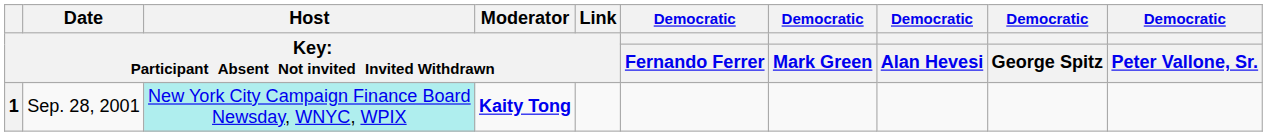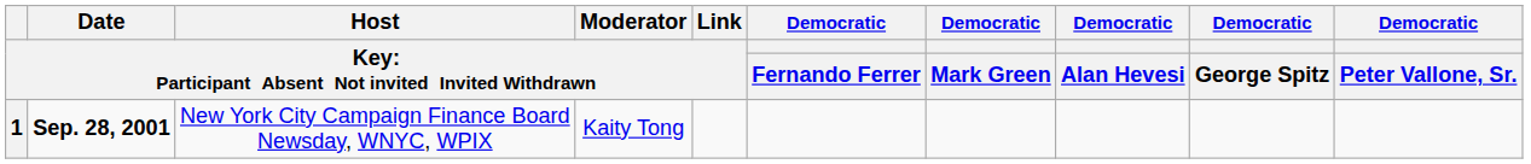 <table class="wikitable" style="text-align:center;">
 <tr>
 <th scope="col"></th>
 <th scope="col">Date</th>
 <th scope="col">Host</th>
 <th scope="col">Moderator</th>
 <th scope="col">Link</th>
 <th scope="col"><small><a href='#'>Democratic</a></small></th>
 <th scope="col"><small><a href='#'>Democratic</a></small></th>
 <th scope="col"><small><a href='#'>Democratic</a></small></th>
 <th scope="col"><small><a href='#'>Democratic</a></small></th>
 <th scope="col"><small><a href='#'>Democratic</a></small></th>
 </tr>
 <tr>
 <th colspan="5" rowspan="2">Key:<br> <small>Participant </small>  <small>Absent </small>  <small>Not invited </small>  <small>Invited  Withdrawn</small></th>
 <th scope="col" style="background:"></th>
 <th scope="col" style="background:"></th>
 <th scope="col" style="background:"></th>
 <th scope="col" style="background:"></th>
 <th scope="col" style="background:"></th>
 </tr>
 <tr>
 <th scope="col"><a href='#'>Fernando Ferrer</a></th>
 <th scope="col"><a href='#'>Mark Green</a></th>
 <th scope="col"><a href='#'>Alan Hevesi</a></th>
 <th scope="col">George Spitz</th>
 <th scope="col"><a href='#'>Peter Vallone, Sr.</a></th>
 </tr>
 <tr>
 <th>1</th>
-<td style="white-space:nowrap;">Sep. 28, 2001</td>
-<td style="background: paleturquoise; white-space:nowrap;"><a href='#'>New York City Campaign Finance Board</a><br><a href='#'>Newsday</a>, <a href='#'>WNYC</a>, <a href='#'>WPIX</a></td>
-<td style="white-space:nowrap;"><strong><a href='#'>Kaity Tong</a></strong></td>
+<td style="white-space:nowrap;"><strong>Sep. 28, 2001</strong></td>
+<td style="white-space:nowrap;"><a href='#'>New York City Campaign Finance Board</a><br><a href='#'>Newsday</a>, <a href='#'>WNYC</a>, <a href='#'>WPIX</a></td>
+<td style="white-space:nowrap;"><a href='#'>Kaity Tong</a></td>
 <td style="white-space:nowrap;"></td>
 <td></td>
 <td></td>
 <td></td>
 <td></td>
 <td></td>
 </tr>
 </table>
